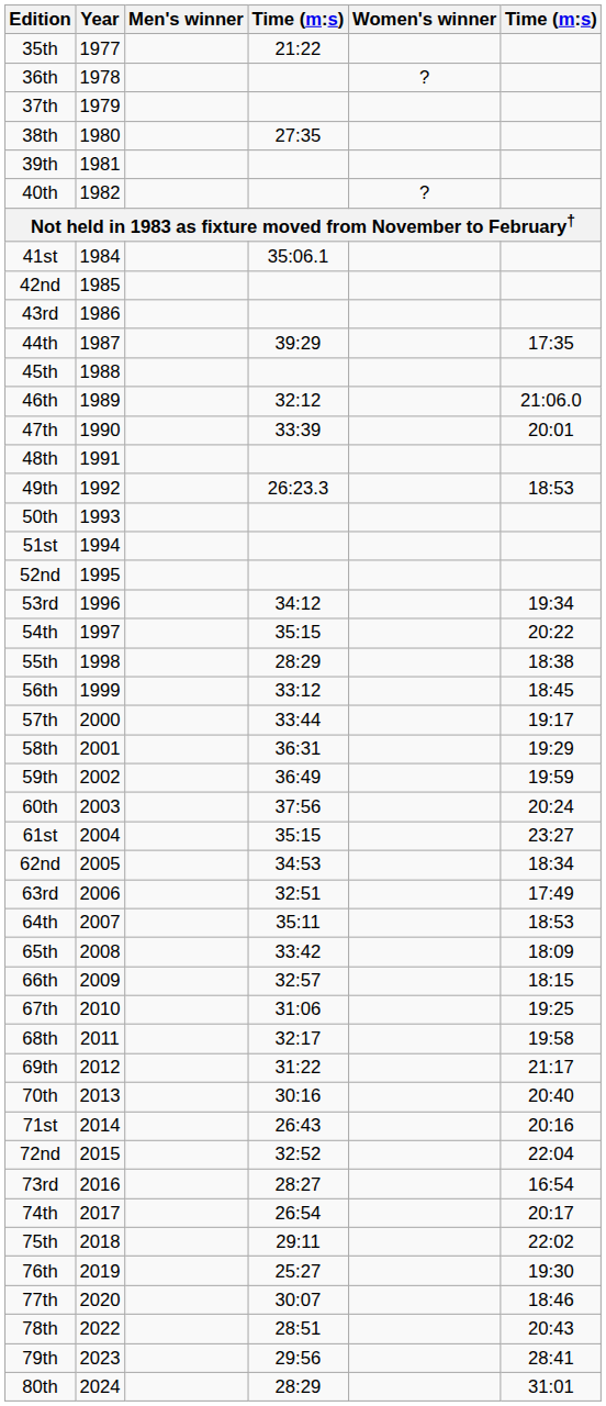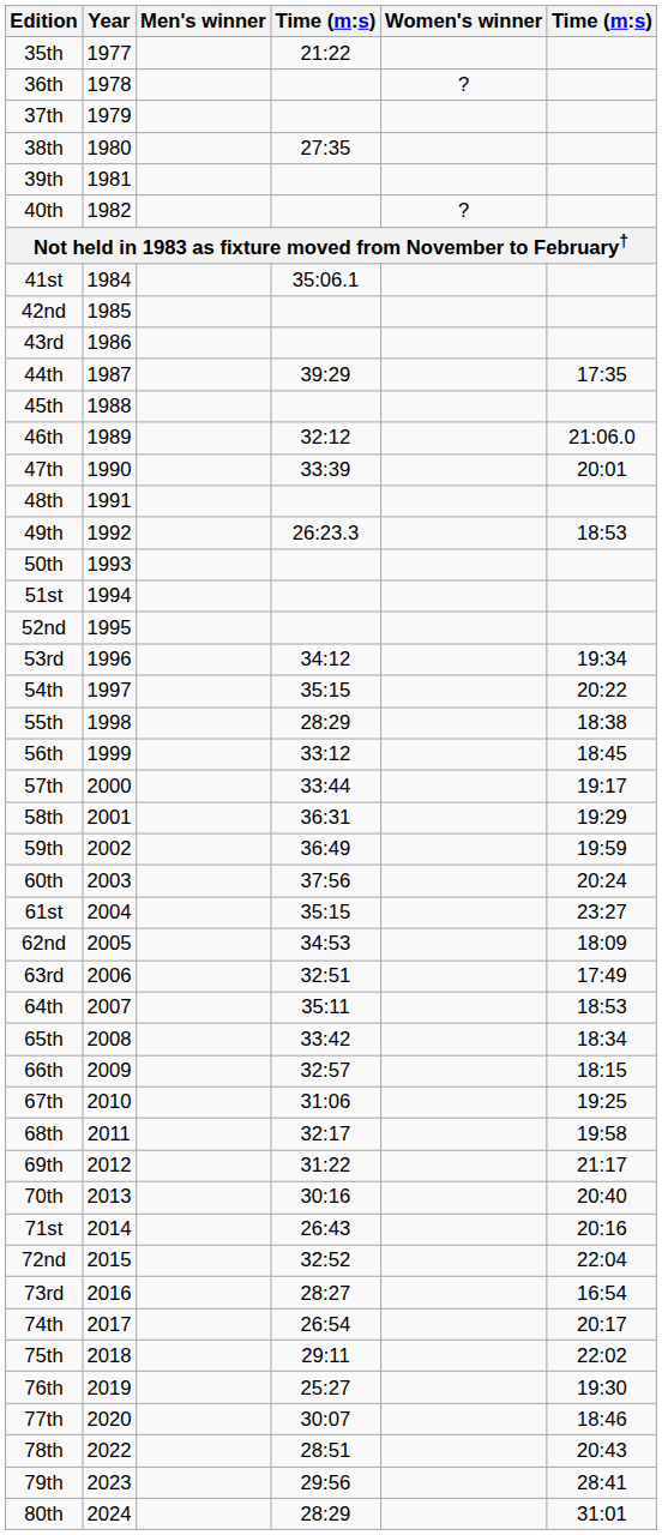 <table class="wikitable" style="text-align:center">
 <tr>
 <th>Edition</th>
 <th>Year</th>
 <th>Men's winner</th>
 <th>Time (<a href='#'>m</a>:<a href='#'>s</a>)</th>
 <th>Women's winner</th>
 <th>Time (<a href='#'>m</a>:<a href='#'>s</a>)</th>
 </tr>
 <tr>
 <td>35th</td>
 <td>1977</td>
 <td align=left></td>
 <td>21:22</td>
 <td align=left></td>
 <td></td>
 </tr>
 <tr>
 <td>36th</td>
 <td>1978</td>
 <td align=left></td>
 <td></td>
 <td>?</td>
 <td></td>
 </tr>
 <tr>
 <td>37th</td>
 <td>1979</td>
 <td align=left></td>
 <td></td>
 <td align=left></td>
 <td></td>
 </tr>
 <tr>
 <td>38th</td>
 <td>1980</td>
 <td align=left></td>
 <td>27:35</td>
 <td align=left></td>
 <td></td>
 </tr>
 <tr>
 <td>39th</td>
 <td>1981</td>
 <td align=left></td>
 <td></td>
 <td align=left></td>
 <td></td>
 </tr>
 <tr>
 <td>40th</td>
 <td>1982</td>
 <td align=left></td>
 <td></td>
 <td>?</td>
 <td></td>
 </tr>
 <tr>
 <th colspan=6>Not held in 1983 as fixture moved from November to February<sup>†</sup></th>
 </tr>
 <tr>
 <td>41st</td>
 <td>1984</td>
 <td align=left></td>
 <td>35:06.1</td>
 <td align=left></td>
 <td></td>
 </tr>
 <tr>
 <td>42nd</td>
 <td>1985</td>
 <td align=left></td>
 <td></td>
 <td align=left></td>
 <td></td>
 </tr>
 <tr>
 <td>43rd</td>
 <td>1986</td>
 <td align=left></td>
 <td></td>
 <td align=left></td>
 <td></td>
 </tr>
 <tr>
 <td>44th</td>
 <td>1987</td>
 <td align=left></td>
 <td>39:29</td>
 <td align=left></td>
 <td>17:35</td>
 </tr>
 <tr>
 <td>45th</td>
 <td>1988</td>
 <td align=left></td>
 <td></td>
 <td align=left></td>
 <td></td>
 </tr>
 <tr>
 <td>46th</td>
 <td>1989</td>
 <td align=left></td>
 <td>32:12</td>
 <td align=left></td>
 <td>21:06.0</td>
 </tr>
 <tr>
 <td>47th</td>
 <td>1990</td>
 <td align=left></td>
 <td>33:39</td>
 <td align=left></td>
 <td>20:01</td>
 </tr>
 <tr>
 <td>48th</td>
 <td>1991</td>
 <td align=left></td>
 <td></td>
 <td align=left></td>
 <td></td>
 </tr>
 <tr>
 <td>49th</td>
 <td>1992</td>
 <td align=left></td>
 <td>26:23.3</td>
 <td align=left></td>
 <td>18:53</td>
 </tr>
 <tr>
 <td>50th</td>
 <td>1993</td>
 <td align=left></td>
 <td></td>
 <td align=left></td>
 <td></td>
 </tr>
 <tr>
 <td>51st</td>
 <td>1994</td>
 <td align=left></td>
 <td></td>
 <td align=left></td>
 <td></td>
 </tr>
 <tr>
 <td>52nd</td>
 <td>1995</td>
 <td align=left></td>
 <td></td>
 <td align=left></td>
 <td></td>
 </tr>
 <tr>
 <td>53rd</td>
 <td>1996</td>
 <td align=left></td>
 <td>34:12</td>
 <td align=left></td>
 <td>19:34</td>
 </tr>
 <tr>
 <td>54th</td>
 <td>1997</td>
 <td align=left></td>
 <td>35:15</td>
 <td align=left></td>
 <td>20:22</td>
 </tr>
 <tr>
 <td>55th</td>
 <td>1998</td>
 <td align=left></td>
 <td>28:29</td>
 <td align=left></td>
 <td>18:38</td>
 </tr>
 <tr>
 <td>56th</td>
 <td>1999</td>
 <td align=left></td>
 <td>33:12</td>
 <td align=left></td>
 <td>18:45</td>
 </tr>
 <tr>
 <td>57th</td>
 <td>2000</td>
 <td align=left></td>
 <td>33:44</td>
 <td align=left></td>
 <td>19:17</td>
 </tr>
 <tr>
 <td>58th</td>
 <td>2001</td>
 <td align=left></td>
 <td>36:31</td>
 <td align=left></td>
 <td>19:29</td>
 </tr>
 <tr>
 <td>59th</td>
 <td>2002</td>
 <td align=left></td>
 <td>36:49</td>
 <td align=left></td>
 <td>19:59</td>
 </tr>
 <tr>
 <td>60th</td>
 <td>2003</td>
 <td align=left></td>
 <td>37:56</td>
 <td align=left></td>
 <td>20:24</td>
 </tr>
 <tr>
 <td>61st</td>
 <td>2004</td>
 <td align=left></td>
 <td>35:15</td>
 <td align=left></td>
 <td>23:27</td>
 </tr>
 <tr>
 <td>62nd</td>
 <td>2005</td>
 <td align=left></td>
 <td>34:53</td>
 <td align=left></td>
-<td>18:34</td>
+<td>18:09</td>
 </tr>
 <tr>
 <td>63rd</td>
 <td>2006</td>
 <td align=left></td>
 <td>32:51</td>
 <td align=left></td>
 <td>17:49</td>
 </tr>
 <tr>
 <td>64th</td>
 <td>2007</td>
 <td align=left></td>
 <td>35:11</td>
 <td align=left></td>
 <td>18:53</td>
 </tr>
 <tr>
 <td>65th</td>
 <td>2008</td>
 <td align=left></td>
 <td>33:42</td>
 <td align=left></td>
-<td>18:09</td>
+<td>18:34</td>
 </tr>
 <tr>
 <td>66th</td>
 <td>2009</td>
 <td align=left></td>
 <td>32:57</td>
 <td align=left></td>
 <td>18:15</td>
 </tr>
 <tr>
 <td>67th</td>
 <td>2010</td>
 <td align=left></td>
 <td>31:06</td>
 <td align=left></td>
 <td>19:25</td>
 </tr>
 <tr>
 <td>68th</td>
 <td>2011</td>
 <td align=left></td>
 <td>32:17</td>
 <td align=left></td>
 <td>19:58</td>
 </tr>
 <tr>
 <td>69th</td>
 <td>2012</td>
 <td align=left></td>
 <td>31:22</td>
 <td align=left></td>
 <td>21:17</td>
 </tr>
 <tr>
 <td>70th</td>
 <td>2013</td>
 <td align=left></td>
 <td>30:16</td>
 <td align=left></td>
 <td>20:40</td>
 </tr>
 <tr>
 <td>71st</td>
 <td>2014</td>
 <td align=left></td>
 <td>26:43</td>
 <td align=left></td>
 <td>20:16</td>
 </tr>
 <tr>
 <td>72nd</td>
 <td>2015</td>
 <td align=left></td>
 <td>32:52</td>
 <td align=left></td>
 <td>22:04</td>
 </tr>
 <tr>
 <td>73rd</td>
 <td>2016</td>
 <td align=left></td>
 <td>28:27</td>
 <td align=left></td>
 <td>16:54</td>
 </tr>
 <tr>
 <td>74th</td>
 <td>2017</td>
 <td align=left></td>
 <td>26:54</td>
 <td align=left></td>
 <td>20:17</td>
 </tr>
 <tr>
 <td>75th</td>
 <td>2018</td>
 <td align=left></td>
 <td>29:11</td>
 <td align=left></td>
 <td>22:02</td>
 </tr>
 <tr>
 <td>76th</td>
 <td>2019</td>
 <td align=left></td>
 <td>25:27</td>
 <td align=left></td>
 <td>19:30</td>
 </tr>
 <tr>
 <td>77th</td>
 <td>2020</td>
 <td align=left></td>
 <td>30:07</td>
 <td align=left></td>
 <td>18:46</td>
 </tr>
 <tr>
 <td>78th</td>
 <td>2022</td>
 <td align=left></td>
 <td>28:51</td>
 <td align=left></td>
 <td>20:43</td>
 </tr>
 <tr>
 <td>79th</td>
 <td>2023</td>
 <td align=left></td>
 <td>29:56</td>
 <td align=left></td>
 <td>28:41</td>
 </tr>
 <tr>
 <td>80th</td>
 <td>2024</td>
 <td align=left></td>
 <td>28:29</td>
 <td align=left></td>
 <td>31:01</td>
 </tr>
 </table>
